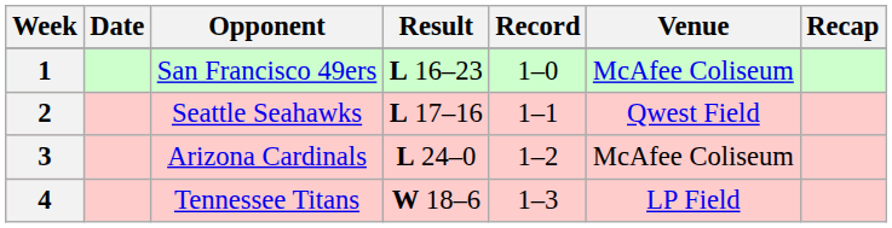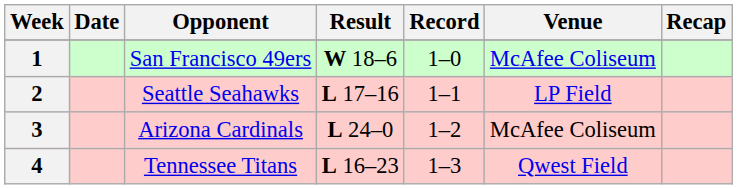 <table class="wikitable">
 <tr>
 <th>Week</th>
 <th>Date</th>
 <th>Opponent</th>
 <th>Result</th>
 <th>Record</th>
 <th>Venue</th>
 <th>Recap</th>
 </tr>
 <tr>
 </tr>
 <tr align="center" bgcolor="#cfc">
 <th>1</th>
 <td></td>
 <td><a href='#'>San Francisco 49ers</a></td>
-<td><strong>L</strong> 16–23</td>
+<td><strong>W</strong> 18–6</td>
 <td>1–0</td>
 <td><a href='#'>McAfee Coliseum</a></td>
 <td align=center colspan="1"></td>
 </tr>
 <tr align="center" bgcolor="#fcc">
 <th>2</th>
 <td></td>
 <td><a href='#'>Seattle Seahawks</a></td>
 <td><strong>L</strong> 17–16</td>
 <td>1–1</td>
-<td><a href='#'>Qwest Field</a></td>
+<td><a href='#'>LP Field</a></td>
 <td align=center colspan="1"></td>
 </tr>
 <tr align="center" bgcolor="#fcc">
 <th>3</th>
 <td></td>
 <td><a href='#'>Arizona Cardinals</a></td>
 <td><strong>L</strong> 24–0</td>
 <td>1–2</td>
 <td>McAfee Coliseum</td>
 <td align=center colspan="1"></td>
 </tr>
 <tr align="center" bgcolor="#fcc">
 <th>4</th>
 <td></td>
 <td><a href='#'>Tennessee Titans</a></td>
-<td><strong>W</strong> 18–6</td>
+<td><strong>L</strong> 16–23</td>
 <td>1–3</td>
-<td><a href='#'>LP Field</a></td>
+<td><a href='#'>Qwest Field</a></td>
 <td align=center colspan="1"></td>
 </tr>
 </table>
